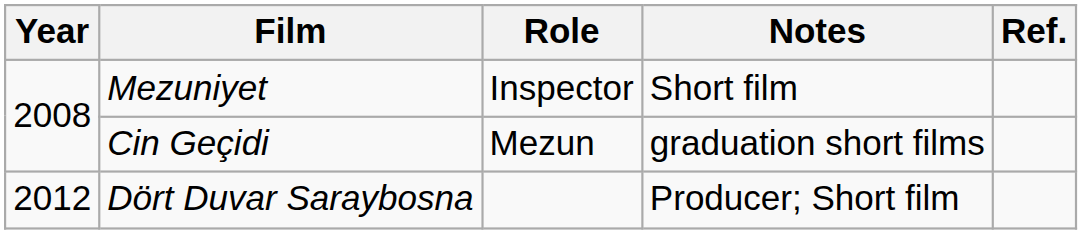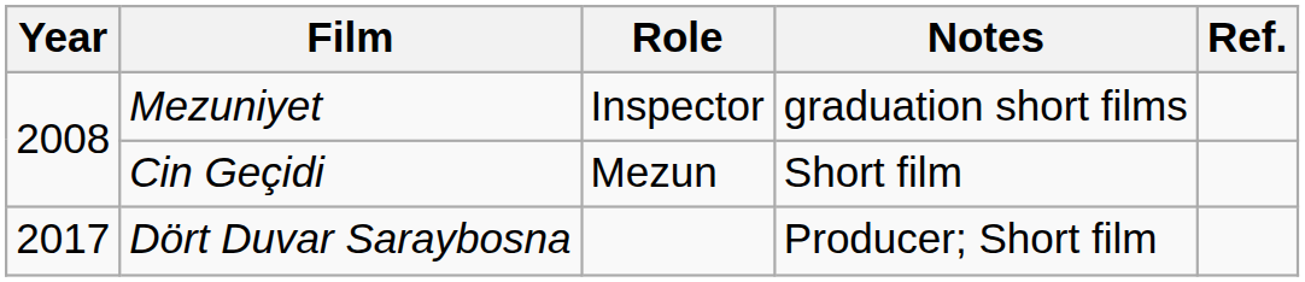 <table class="wikitable">
 <tr>
 <th>Year</th>
 <th>Film</th>
 <th>Role</th>
 <th>Notes</th>
 <th>Ref.</th>
 </tr>
 <tr>
 <td rowspan="2">2008</td>
 <td><em>Mezuniyet</em></td>
 <td>Inspector</td>
-<td>Short film</td>
+<td>graduation short films</td>
 <td></td>
 </tr>
 <tr>
 <td><em>Cin Geçidi</em></td>
 <td>Mezun</td>
-<td>graduation short films</td>
+<td>Short film</td>
 <td></td>
 </tr>
 <tr>
-<td>2012</td>
+<td>2017</td>
 <td><em>Dört Duvar Saraybosna</em></td>
 <td></td>
 <td>Producer; Short film</td>
 <td></td>
 </tr>
 </table>
